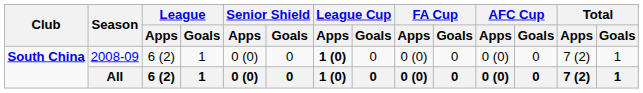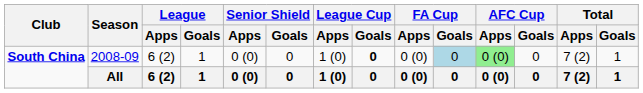 <table class="wikitable" style="text-align: center;">
 <tr>
 <th rowspan="2">Club</th>
 <th rowspan="2">Season</th>
 <th colspan="2"><a href='#'>League</a></th>
 <th colspan="2"><a href='#'>Senior Shield</a></th>
 <th colspan="2"><a href='#'>League Cup</a></th>
 <th colspan="2"><a href='#'>FA Cup</a></th>
 <th colspan="2"><a href='#'>AFC Cup</a></th>
 <th colspan="2">Total</th>
 </tr>
 <tr>
 <th>Apps</th>
 <th>Goals</th>
 <th>Apps</th>
 <th>Goals</th>
 <th>Apps</th>
 <th>Goals</th>
 <th>Apps</th>
 <th>Goals</th>
 <th>Apps</th>
 <th>Goals</th>
 <th>Apps</th>
 <th>Goals</th>
 </tr>
 <tr>
 <td rowspan="6" valign="top"><strong><a href='#'>South China</a></strong></td>
 <td><a href='#'>2008-09</a></td>
 <td>6 (2)</td>
 <td>1</td>
 <td>0 (0)</td>
 <td>0</td>
-<td><strong>1 (0)</strong></td>
-<td>0</td>
+<td>1 (0)</td>
+<td><strong>0</strong></td>
 <td>0 (0)</td>
-<td>0</td>
-<td>0 (0)</td>
+<td style="background: lightblue;">0</td>
+<td style="background: lightgreen;">0 (0)</td>
 <td>0</td>
 <td>7 (2)</td>
 <td>1</td>
 </tr>
 <tr>
 <th>All</th>
 <th>6 (2)</th>
 <th>1</th>
 <th>0 (0)</th>
 <th>0</th>
 <th>1 (0)</th>
 <th>0</th>
 <th>0 (0)</th>
 <th>0</th>
 <th>0 (0)</th>
 <th>0</th>
 <th>7 (2)</th>
 <th>1</th>
 </tr>
 </table>
